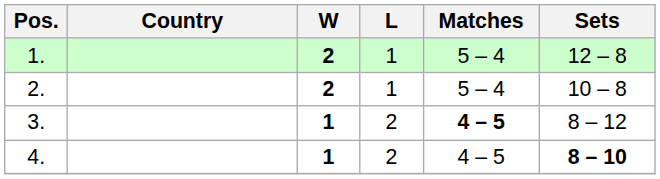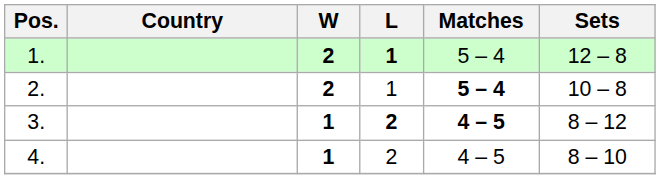 <table class="wikitable" style="text-align:center;">
 <tr>
 <th width=40>Pos.</th>
 <th width=165>Country</th>
 <th width=40>W</th>
 <th width=40>L</th>
 <th width=80>Matches</th>
 <th width=80>Sets</th>
 </tr>
 <tr style="background:#ccffcc;">
 <td>1.</td>
 <td style="text-align:left;"></td>
 <td><strong>2</strong></td>
-<td>1</td>
+<td><strong>1</strong></td>
 <td>5 – 4</td>
 <td>12 – 8</td>
 </tr>
 <tr style="background:#ffffff;">
 <td>2.</td>
 <td style="text-align:left;"></td>
 <td><strong>2</strong></td>
 <td>1</td>
-<td>5 – 4</td>
+<td><strong>5 – 4</strong></td>
 <td>10 – 8</td>
 </tr>
 <tr style="background:#ffffff;">
 <td>3.</td>
 <td style="text-align:left;"></td>
 <td><strong>1</strong></td>
-<td>2</td>
+<td><strong>2</strong></td>
 <td><strong>4 – 5</strong></td>
 <td>8 – 12</td>
 </tr>
 <tr style="background:#ffffff;">
 <td>4.</td>
 <td style="text-align:left;"></td>
 <td><strong>1</strong></td>
 <td>2</td>
 <td>4 – 5</td>
-<td><strong>8 – 10</strong></td>
+<td>8 – 10</td>
 </tr>
 <tr>
 </tr>
 </table>
